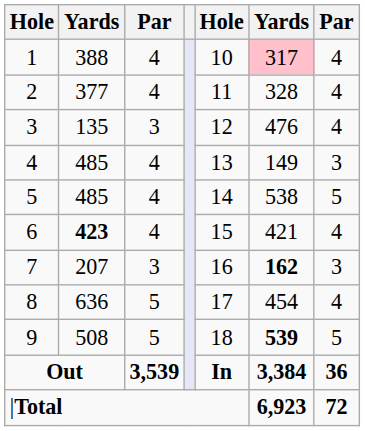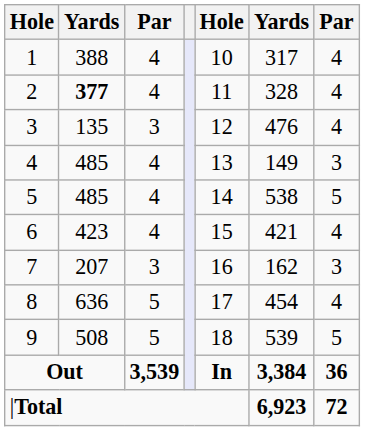 <table class=wikitable style="text-align: center">
 <tr>
 <th>Hole</th>
 <th>Yards</th>
 <th>Par</th>
 <th></th>
 <th>Hole</th>
 <th>Yards</th>
 <th>Par</th>
 </tr>
 <tr>
 <td>1</td>
 <td>388</td>
 <td>4</td>
 <td rowspan=10 style="background:#E6E8FA;"></td>
 <td>10</td>
-<td style="background: pink;">317</td>
+<td>317</td>
 <td>4</td>
 </tr>
 <tr>
 <td>2</td>
-<td>377</td>
+<td><strong>377</strong></td>
 <td>4</td>
 <td>11</td>
 <td>328</td>
 <td>4</td>
 </tr>
 <tr>
 <td>3</td>
 <td>135</td>
 <td>3</td>
 <td>12</td>
 <td>476</td>
 <td>4</td>
 </tr>
 <tr>
 <td>4</td>
 <td>485</td>
 <td>4</td>
 <td>13</td>
 <td>149</td>
 <td>3</td>
 </tr>
 <tr>
 <td>5</td>
 <td>485</td>
 <td>4</td>
 <td>14</td>
 <td>538</td>
 <td>5</td>
 </tr>
 <tr>
 <td>6</td>
-<td><strong>423</strong></td>
+<td>423</td>
 <td>4</td>
 <td>15</td>
 <td>421</td>
 <td>4</td>
 </tr>
 <tr>
 <td>7</td>
 <td>207</td>
 <td>3</td>
 <td>16</td>
-<td><strong>162</strong></td>
+<td>162</td>
 <td>3</td>
 </tr>
 <tr>
 <td>8</td>
 <td>636</td>
 <td>5</td>
 <td>17</td>
 <td>454</td>
 <td>4</td>
 </tr>
 <tr>
 <td>9</td>
 <td>508</td>
 <td>5</td>
 <td>18</td>
-<td><strong>539</strong></td>
+<td>539</td>
 <td>5</td>
 </tr>
 <tr>
 <td colspan=2><strong>Out</strong></td>
 <td><strong>3,539</strong></td>
 <td><strong>In</strong></td>
 <td><strong>3,384</strong></td>
 <td><strong>36</strong></td>
 </tr>
 <tr>
 <td colspan=5 align=left>  |<strong>Total</strong></td>
 <td><strong>6,923</strong></td>
 <td><strong>72</strong></td>
 </tr>
 </table>
